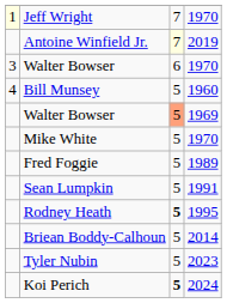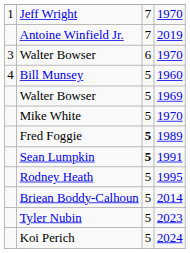 <table class="wikitable">
 <tr>
 </tr>
 <tr>
-<td style="background: lightyellow;">1</td>
+<td>1</td>
 <td><a href='#'>Jeff Wright</a></td>
 <td>7</td>
 <td><a href='#'>1970</a></td>
 </tr>
 <tr>
 <td></td>
 <td><a href='#'>Antoine Winfield Jr.</a></td>
-<td style="background: lightyellow;">7</td>
+<td>7</td>
 <td><a href='#'>2019</a></td>
 </tr>
 <tr>
 <td>3</td>
 <td>Walter Bowser</td>
 <td>6</td>
 <td><a href='#'>1970</a></td>
 </tr>
 <tr>
 <td>4</td>
 <td><a href='#'>Bill Munsey</a></td>
 <td>5</td>
 <td><a href='#'>1960</a></td>
 </tr>
 <tr>
 <td></td>
 <td>Walter Bowser</td>
-<td style="background: lightsalmon;">5</td>
+<td>5</td>
 <td><a href='#'>1969</a></td>
 </tr>
 <tr>
 <td></td>
 <td>Mike White</td>
 <td>5</td>
 <td><a href='#'>1970</a></td>
 </tr>
 <tr>
 <td></td>
 <td>Fred Foggie</td>
-<td>5</td>
+<td><strong>5</strong></td>
 <td><a href='#'>1989</a></td>
 </tr>
 <tr>
 <td></td>
 <td><a href='#'>Sean Lumpkin</a></td>
-<td>5</td>
+<td><strong>5</strong></td>
 <td><a href='#'>1991</a></td>
 </tr>
 <tr>
 <td></td>
 <td><a href='#'>Rodney Heath</a></td>
-<td><strong>5</strong></td>
+<td>5</td>
 <td><a href='#'>1995</a></td>
 </tr>
 <tr>
 <td></td>
 <td><a href='#'>Briean Boddy-Calhoun</a></td>
 <td>5</td>
 <td><a href='#'>2014</a></td>
 </tr>
 <tr>
 <td></td>
 <td><a href='#'>Tyler Nubin</a></td>
 <td>5</td>
 <td><a href='#'>2023</a></td>
 </tr>
 <tr>
 <td></td>
 <td>Koi Perich</td>
-<td><strong>5</strong></td>
+<td>5</td>
 <td><a href='#'>2024</a></td>
 </tr>
 </table>
